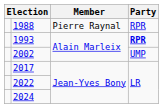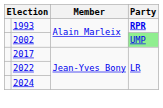 <table class="wikitable">
 <tr>
 <th colspan="2">Election</th>
 <th>Member</th>
 <th>Party</th>
-</tr>
-<tr>
-<td style="color:inherit;background-color: "></td>
-<td><a href='#'>1988</a></td>
-<td>Pierre Raynal</td>
-<td><a href='#'>RPR</a></td>
 </tr>
 <tr>
 <td style="color:inherit;background-color: "></td>
 <td><a href='#'>1993</a></td>
 <td rowspan=2><a href='#'>Alain Marleix</a></td>
 <td><strong><a href='#'>RPR</a></strong></td>
 </tr>
 <tr>
 <td style="color:inherit;background-color: "></td>
 <td><a href='#'>2002</a></td>
-<td><a href='#'>UMP</a></td>
+<td style="background: lightgreen;"><a href='#'>UMP</a></td>
 </tr>
 <tr>
 <td style="color:inherit;background-color: "></td>
 <td><a href='#'>2017</a></td>
 <td rowspan="3"><a href='#'>Jean-Yves Bony</a></td>
 <td rowspan="3"><a href='#'>LR</a></td>
 </tr>
 <tr>
 <td style="color:inherit;background-color: "></td>
 <td><a href='#'>2022</a></td>
 </tr>
 <tr>
 <td style="color:inherit;background-color: "></td>
 <td><a href='#'>2024</a></td>
 </tr>
 </table>
